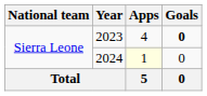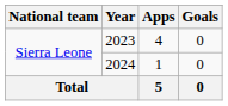 <table class="wikitable" style="text-align:center">
 <tr>
 <th>National team</th>
 <th>Year</th>
 <th>Apps</th>
 <th>Goals</th>
 </tr>
 <tr>
 <td rowspan=2><a href='#'>Sierra Leone</a></td>
 <td>2023</td>
 <td>4</td>
-<td><strong>0</strong></td>
+<td>0</td>
 </tr>
 <tr>
 <td>2024</td>
-<td style="background: lightyellow;">1</td>
+<td>1</td>
 <td>0</td>
 </tr>
 <tr>
 <th colspan=2>Total</th>
 <th>5</th>
 <th>0</th>
 </tr>
 </table>
